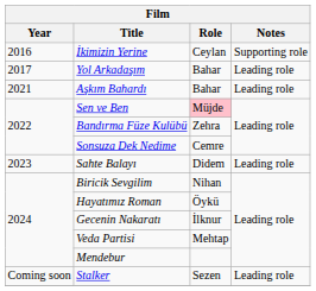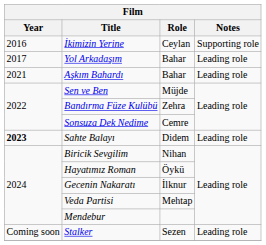 <table class="wikitable">
 <tr>
 <th colspan=4>Film</th>
 </tr>
 <tr>
 <th>Year</th>
 <th>Title</th>
 <th>Role</th>
 <th>Notes</th>
 </tr>
 <tr>
 <td>2016</td>
 <td><em><a href='#'>İkimizin Yerine</a></em></td>
 <td>Ceylan</td>
 <td>Supporting role</td>
 </tr>
 <tr>
 <td>2017</td>
 <td><em><a href='#'>Yol Arkadaşım</a></em></td>
 <td>Bahar</td>
 <td>Leading role</td>
 </tr>
 <tr>
 <td>2021</td>
 <td><em><a href='#'>Aşkım Bahardı</a></em></td>
 <td>Bahar</td>
 <td>Leading role</td>
 </tr>
 <tr>
 <td rowspan="3">2022</td>
 <td><em><a href='#'>Sen ve Ben</a></em></td>
-<td style="background: pink;">Müjde</td>
+<td>Müjde</td>
 <td rowspan="3">Leading role</td>
 </tr>
 <tr>
 <td><em><a href='#'>Bandırma Füze Kulübü</a></em></td>
 <td>Zehra</td>
 </tr>
 <tr>
 <td><em><a href='#'>Sonsuza Dek Nedime</a></em></td>
 <td>Cemre</td>
 </tr>
 <tr>
-<td>2023</td>
+<td><strong>2023</strong></td>
 <td><em>Sahte Balayı</em></td>
 <td>Didem</td>
 <td>Leading role</td>
 </tr>
 <tr>
 <td rowspan="5">2024</td>
 <td><em>Biricik Sevgilim</em></td>
 <td>Nihan</td>
 <td rowspan="5">Leading role</td>
 </tr>
 <tr>
 <td><em>Hayatımız Roman</em></td>
 <td>Öykü</td>
 </tr>
 <tr>
 <td><em>Gecenin Nakaratı</em></td>
 <td>İlknur</td>
 </tr>
 <tr>
 <td><em>Veda Partisi</em></td>
 <td>Mehtap</td>
 </tr>
 <tr>
 <td><em>Mendebur</em></td>
 <td></td>
 </tr>
 <tr>
 <td>Coming soon</td>
 <td><em><a href='#'>Stalker</a></em></td>
 <td>Sezen</td>
 <td>Leading role</td>
 </tr>
 <tr>
 </tr>
 </table>
